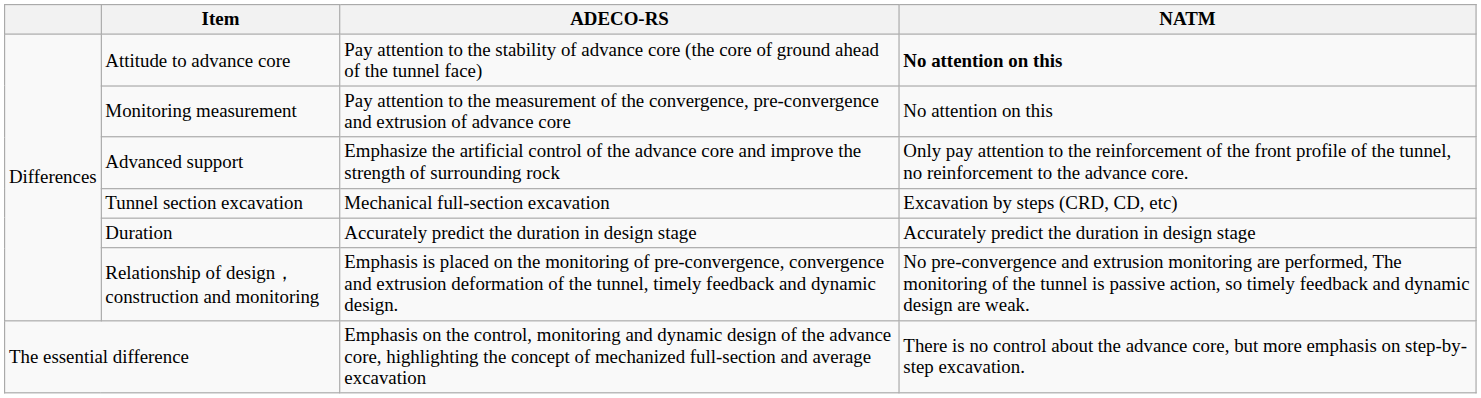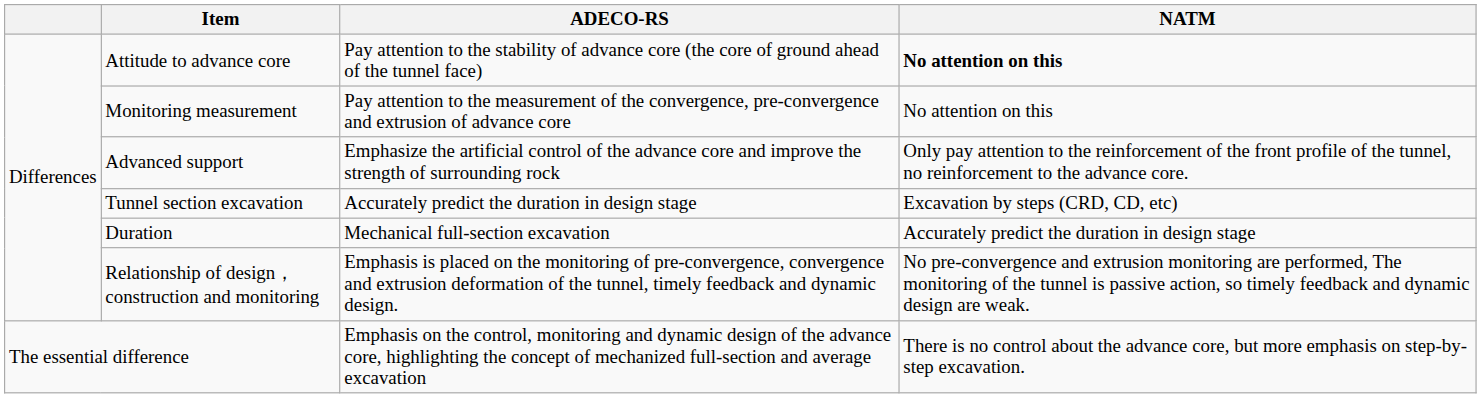 <table class="wikitable">
 <tr>
 <th></th>
 <th>Item</th>
 <th>ADECO-RS</th>
 <th>NATM</th>
 </tr>
 <tr>
 <td rowspan="6">Differences</td>
 <td>Attitude to advance core</td>
 <td>Pay attention to the stability of advance core (the core of ground ahead of the tunnel face)</td>
 <td><strong>No attention on this</strong></td>
 </tr>
 <tr>
 <td>Monitoring measurement</td>
 <td>Pay attention to the measurement of the convergence, pre-convergence and extrusion of advance core</td>
 <td>No attention on this</td>
 </tr>
 <tr>
 <td>Advanced support</td>
 <td>Emphasize the artificial control of the advance core and improve the strength of surrounding rock</td>
 <td>Only pay attention to the reinforcement of the front profile of the tunnel, no reinforcement to the advance core.</td>
 </tr>
 <tr>
 <td>Tunnel section excavation</td>
-<td>Mechanical full-section excavation</td>
+<td>Accurately predict the duration in design stage</td>
 <td>Excavation by steps (CRD, CD, etc)</td>
 </tr>
 <tr>
 <td>Duration</td>
-<td>Accurately predict the duration in design stage</td>
+<td>Mechanical full-section excavation</td>
 <td>Accurately predict the duration in design stage</td>
 </tr>
 <tr>
 <td>Relationship of design， construction and monitoring</td>
 <td>Emphasis is placed on the monitoring of pre-convergence, convergence and extrusion deformation of the tunnel, timely feedback and dynamic design.</td>
 <td>No pre-convergence and extrusion monitoring are performed, The monitoring of the tunnel is passive action, so timely feedback and dynamic design are weak.</td>
 </tr>
 <tr>
 <td colspan="2">The essential difference</td>
 <td>Emphasis on the control, monitoring and dynamic design of the advance core, highlighting the concept of mechanized full-section and average excavation</td>
 <td>There is no control about the advance core, but more emphasis on step-by-step excavation.</td>
 </tr>
 </table>
